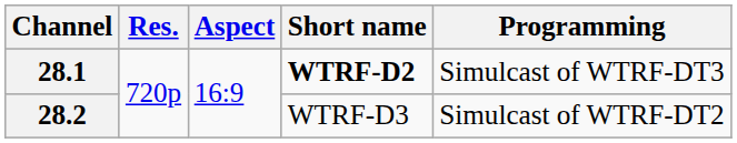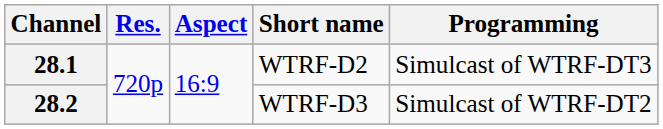 <table class="wikitable">
 <tr>
 <th>Channel</th>
 <th><a href='#'>Res.</a></th>
 <th><a href='#'>Aspect</a></th>
 <th>Short name</th>
 <th>Programming</th>
 </tr>
 <tr>
 <th scope = "row">28.1</th>
 <td rowspan="2"><a href='#'>720p</a></td>
 <td rowspan="2"><a href='#'>16:9</a></td>
-<td><strong>WTRF-D2</strong></td>
+<td>WTRF-D2</td>
 <td>Simulcast of WTRF-DT3</td>
 </tr>
 <tr>
 <th scope = "row">28.2</th>
 <td>WTRF-D3</td>
 <td>Simulcast of WTRF-DT2</td>
 </tr>
 </table>
